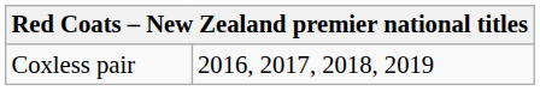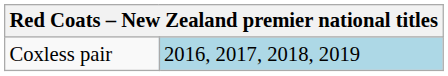 <table class="wikitable">
 <tr>
 <th colspan=2> Red Coats – New Zealand premier national titles</th>
 </tr>
 <tr>
 <td>Coxless pair</td>
-<td>2016, 2017, 2018, 2019</td>
+<td style="background: lightblue;">2016, 2017, 2018, 2019</td>
 </tr>
 </table>
